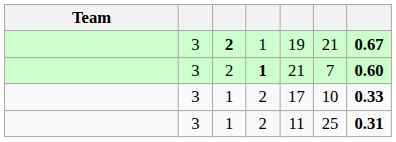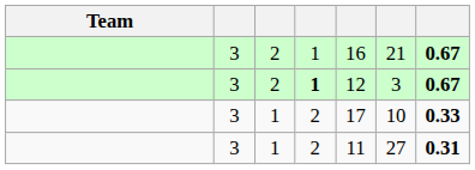 <table class="wikitable" style="text-align: center; font-size:100% ">
 <tr>
 <th width="160">Team</th>
 <th width="25"></th>
 <th width="25"></th>
 <th width="25"></th>
 <th width="25"></th>
 <th width="25"></th>
 <th width="35"></th>
 </tr>
 <tr bgcolor="ccffcc">
 <td align="left"></td>
 <td>3</td>
-<td><strong>2</strong></td>
+<td>2</td>
 <td>1</td>
-<td>19</td>
+<td>16</td>
 <td>21</td>
 <td><strong>0.67</strong></td>
 </tr>
 <tr bgcolor="ccffcc">
 <td align="left"></td>
 <td>3</td>
 <td>2</td>
 <td><strong>1</strong></td>
-<td>21</td>
-<td>7</td>
-<td><strong>0.60</strong></td>
+<td>12</td>
+<td>3</td>
+<td><strong>0.67</strong></td>
 </tr>
 <tr>
 <td align="left"></td>
 <td>3</td>
 <td>1</td>
 <td>2</td>
 <td>17</td>
 <td>10</td>
 <td><strong>0.33</strong></td>
 </tr>
 <tr>
 <td align="left"></td>
 <td>3</td>
 <td>1</td>
 <td>2</td>
 <td>11</td>
-<td>25</td>
+<td>27</td>
 <td><strong>0.31</strong></td>
 </tr>
 </table>
